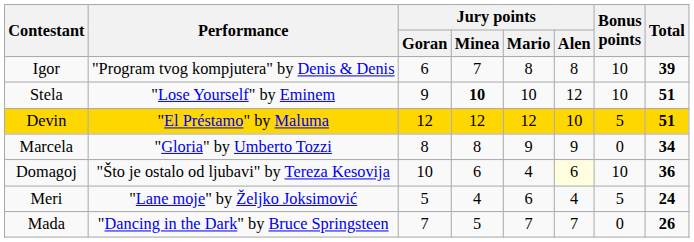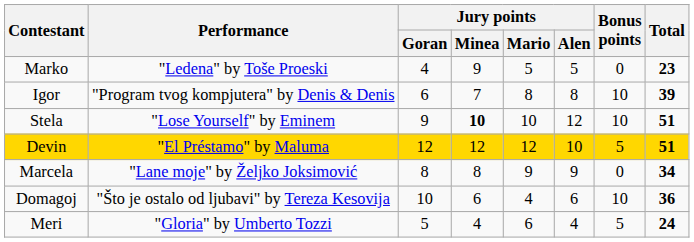 <table class="wikitable sortable" style="text-align: center;">
 <tr>
 <th rowspan="2">Contestant</th>
 <th rowspan="2">Performance</th>
 <th colspan="4">Jury points</th>
 <th rowspan="2">Bonus<br>points</th>
 <th rowspan="2">Total</th>
 </tr>
 <tr>
 <th>Goran</th>
 <th>Minea</th>
 <th>Mario</th>
 <th>Alen</th>
+</tr>
+<tr>
+<td>Marko</td>
+<td>"<a href='#'>Ledena</a>" by <a href='#'>Toše Proeski</a></td>
+<td>4</td>
+<td>9</td>
+<td>5</td>
+<td>5</td>
+<td>0</td>
+<td><strong>23</strong></td>
 </tr>
 <tr>
 <td>Igor</td>
 <td>"Program tvog kompjutera" by <a href='#'>Denis & Denis</a></td>
 <td>6</td>
 <td>7</td>
 <td>8</td>
 <td>8</td>
 <td>10</td>
 <td><strong>39</strong></td>
 </tr>
 <tr>
 <td>Stela</td>
 <td>"<a href='#'>Lose Yourself</a>" by <a href='#'>Eminem</a></td>
 <td>9</td>
 <td><strong>10</strong></td>
 <td>10</td>
 <td>12</td>
 <td>10</td>
 <td><strong>51</strong></td>
 </tr>
 <tr style="background-color:gold;">
 <td>Devin</td>
 <td>"<a href='#'>El Préstamo</a>" by <a href='#'>Maluma</a></td>
 <td>12</td>
 <td>12</td>
 <td>12</td>
 <td>10</td>
 <td>5</td>
 <td><strong>51</strong></td>
 </tr>
 <tr>
 <td>Marcela</td>
-<td>"<a href='#'>Gloria</a>" by <a href='#'>Umberto Tozzi</a></td>
+<td>"<a href='#'>Lane moje</a>" by <a href='#'>Željko Joksimović</a></td>
 <td>8</td>
 <td>8</td>
 <td>9</td>
 <td>9</td>
 <td>0</td>
 <td><strong>34</strong></td>
 </tr>
 <tr>
 <td>Domagoj</td>
 <td>"Što je ostalo od ljubavi" by <a href='#'>Tereza Kesovija</a></td>
 <td>10</td>
 <td>6</td>
 <td>4</td>
-<td style="background: lightyellow;">6</td>
+<td>6</td>
 <td>10</td>
 <td><strong>36</strong></td>
 </tr>
 <tr>
 <td>Meri</td>
-<td>"<a href='#'>Lane moje</a>" by <a href='#'>Željko Joksimović</a></td>
+<td>"<a href='#'>Gloria</a>" by <a href='#'>Umberto Tozzi</a></td>
 <td>5</td>
 <td>4</td>
 <td>6</td>
 <td>4</td>
 <td>5</td>
 <td><strong>24</strong></td>
 </tr>
-<tr>
-<td>Mada</td>
-<td>"<a href='#'>Dancing in the Dark</a>" by <a href='#'>Bruce Springsteen</a></td>
-<td>7</td>
-<td>5</td>
-<td>7</td>
-<td>7</td>
-<td>0</td>
-<td><strong>26</strong></td>
-</tr>
 </table>
